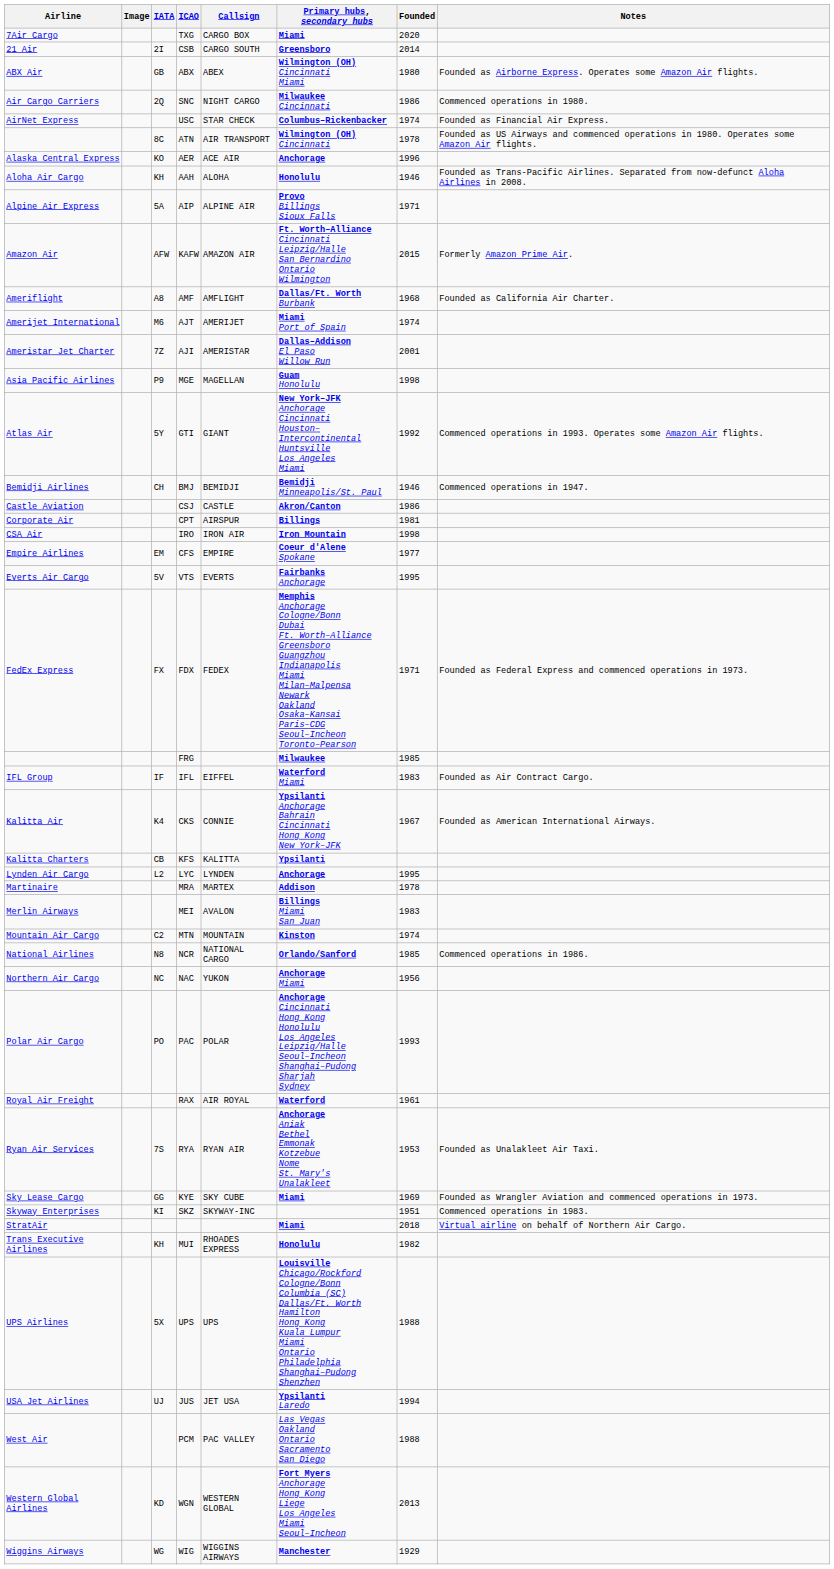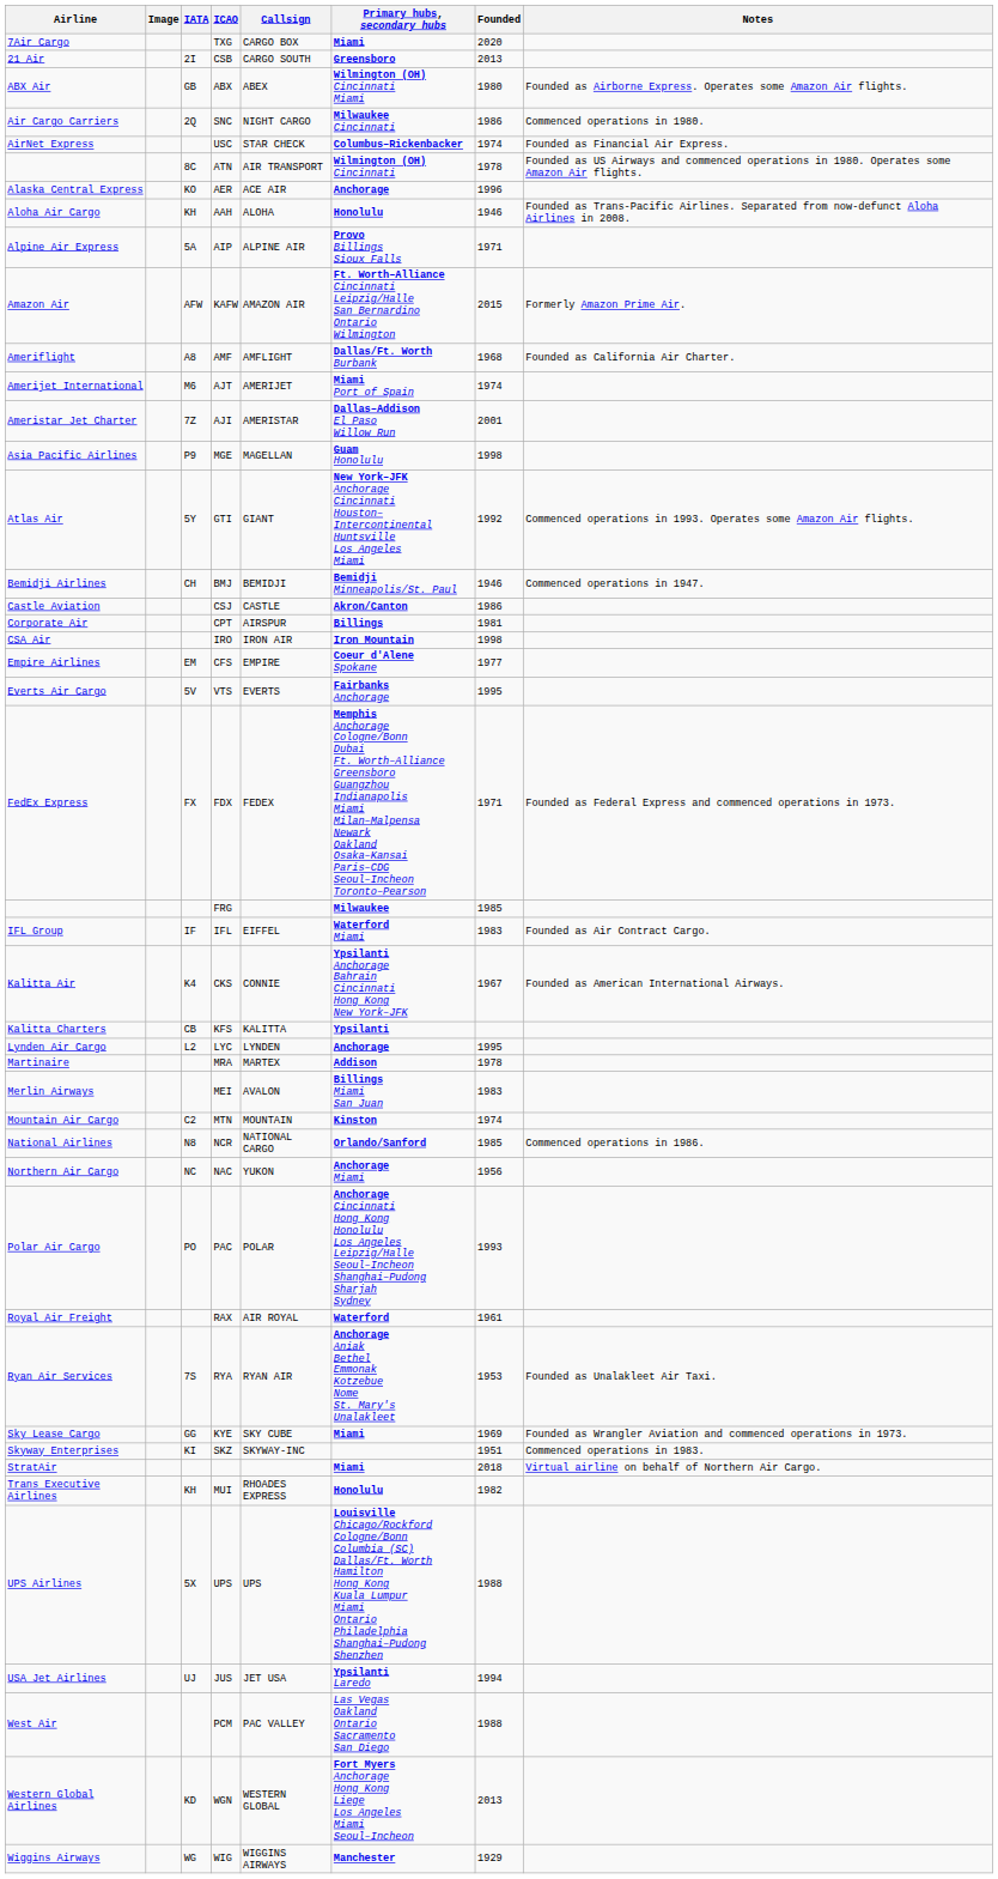 <table class="wikitable sortable" style="border: 0; cellpadding: 2; cellspacing: 3;">
 <tr style="vertical-align:middle;">
 <th>Airline</th>
 <th>Image</th>
 <th><a href='#'>IATA</a></th>
 <th><a href='#'>ICAO</a></th>
 <th><a href='#'>Callsign</a></th>
 <th><a href='#'>Primary hubs</a>, <br> <em><a href='#'>secondary hubs</a></em></th>
 <th>Founded</th>
 <th>Notes</th>
 </tr>
 <tr>
 <td><a href='#'>7Air Cargo</a></td>
 <td></td>
 <td></td>
 <td>TXG</td>
 <td>CARGO BOX</td>
 <td><strong><a href='#'>Miami</a></strong></td>
 <td>2020</td>
 <td></td>
 </tr>
 <tr>
 <td><a href='#'>21 Air</a></td>
 <td></td>
 <td>2I</td>
 <td>CSB</td>
 <td>CARGO SOUTH</td>
 <td><strong><a href='#'>Greensboro</a></strong></td>
-<td>2014</td>
+<td>2013</td>
 <td></td>
 </tr>
 <tr>
 <td><a href='#'>ABX Air</a></td>
 <td></td>
 <td>GB</td>
 <td>ABX</td>
 <td>ABEX</td>
 <td><strong><a href='#'>Wilmington (OH)</a></strong><br><em><a href='#'>Cincinnati</a></em><br><em><a href='#'>Miami</a></em></td>
 <td>1980</td>
 <td>Founded as <a href='#'>Airborne Express</a>. Operates some <a href='#'>Amazon Air</a> flights.</td>
 </tr>
 <tr>
 <td><a href='#'>Air Cargo Carriers</a></td>
 <td></td>
 <td>2Q</td>
 <td>SNC</td>
 <td>NIGHT CARGO</td>
 <td><strong><a href='#'>Milwaukee</a></strong><br><em><a href='#'>Cincinnati</a></em></td>
 <td>1986</td>
 <td>Commenced operations in 1980.</td>
 </tr>
 <tr>
 <td><a href='#'>AirNet Express</a></td>
 <td></td>
 <td></td>
 <td>USC</td>
 <td>STAR CHECK</td>
 <td><strong><a href='#'>Columbus–Rickenbacker</a></strong></td>
 <td>1974</td>
 <td>Founded as Financial Air Express.</td>
 </tr>
 <tr>
 <td></td>
 <td></td>
 <td>8C</td>
 <td>ATN</td>
 <td>AIR TRANSPORT</td>
 <td><strong><a href='#'>Wilmington (OH)</a></strong><br><em><a href='#'>Cincinnati</a></em></td>
 <td>1978</td>
 <td>Founded as US Airways and commenced operations in 1980. Operates some <a href='#'>Amazon Air</a> flights.</td>
 </tr>
 <tr>
 <td><a href='#'>Alaska Central Express</a></td>
 <td></td>
 <td>KO</td>
 <td>AER</td>
 <td>ACE AIR</td>
 <td><strong><a href='#'>Anchorage</a></strong></td>
 <td>1996</td>
 <td></td>
 </tr>
 <tr>
 <td><a href='#'>Aloha Air Cargo</a></td>
 <td></td>
 <td>KH</td>
 <td>AAH</td>
 <td>ALOHA</td>
 <td><strong><a href='#'>Honolulu</a></strong></td>
 <td>1946</td>
 <td>Founded as Trans-Pacific Airlines. Separated from now-defunct <a href='#'>Aloha Airlines</a> in 2008.</td>
 </tr>
 <tr>
 <td><a href='#'>Alpine Air Express</a></td>
 <td></td>
 <td>5A</td>
 <td>AIP</td>
 <td>ALPINE AIR</td>
 <td><strong><a href='#'>Provo</a></strong><br><em><a href='#'>Billings</a></em><br><em><a href='#'>Sioux Falls</a></em></td>
 <td>1971</td>
 <td></td>
 </tr>
 <tr>
 <td><a href='#'>Amazon Air</a></td>
 <td></td>
 <td>AFW</td>
 <td>KAFW</td>
 <td>AMAZON AIR</td>
 <td><strong><a href='#'>Ft. Worth–Alliance</a></strong><br><em><a href='#'>Cincinnati</a></em><br><em><a href='#'>Leipzig/Halle</a></em><br><em><a href='#'>San Bernardino</a></em><br><em><a href='#'>Ontario</a></em><br><em><a href='#'>Wilmington</a></em></td>
 <td>2015</td>
 <td>Formerly <a href='#'>Amazon Prime Air</a>.</td>
 </tr>
 <tr>
 <td><a href='#'>Ameriflight</a></td>
 <td></td>
 <td>A8</td>
 <td>AMF</td>
 <td>AMFLIGHT</td>
 <td><strong><a href='#'>Dallas/Ft. Worth</a></strong><br> <em><a href='#'>Burbank</a> </em></td>
 <td>1968</td>
 <td>Founded as California Air Charter.</td>
 </tr>
 <tr>
 <td><a href='#'>Amerijet International</a></td>
 <td></td>
 <td>M6</td>
 <td>AJT</td>
 <td>AMERIJET</td>
 <td><strong><a href='#'>Miami</a></strong><br><em><a href='#'>Port of Spain</a></em></td>
 <td>1974</td>
 <td></td>
 </tr>
 <tr>
 <td><a href='#'>Ameristar Jet Charter</a></td>
 <td></td>
 <td>7Z</td>
 <td>AJI</td>
 <td>AMERISTAR</td>
 <td><strong><a href='#'>Dallas–Addison</a></strong><br><em><a href='#'>El Paso</a></em><br><em><a href='#'>Willow Run</a></em></td>
 <td>2001</td>
 <td></td>
 </tr>
 <tr>
 <td><a href='#'>Asia Pacific Airlines</a></td>
 <td></td>
 <td>P9</td>
 <td>MGE</td>
 <td>MAGELLAN</td>
 <td><strong><a href='#'>Guam</a></strong><br><em><a href='#'>Honolulu</a></em></td>
 <td>1998</td>
 <td></td>
 </tr>
 <tr>
 <td><a href='#'>Atlas Air</a></td>
 <td></td>
 <td>5Y</td>
 <td>GTI</td>
 <td>GIANT</td>
 <td><strong><a href='#'>New York–JFK</a></strong><br><em><a href='#'>Anchorage</a></em><br><em><a href='#'>Cincinnati</a></em><br><em><a href='#'>Houston–Intercontinental</a></em><br><em><a href='#'>Huntsville</a></em><br><em><a href='#'>Los Angeles</a></em><br><em><a href='#'>Miami</a></em></td>
 <td>1992</td>
 <td>Commenced operations in 1993. Operates some <a href='#'>Amazon Air</a> flights.</td>
 </tr>
 <tr>
 <td><a href='#'>Bemidji Airlines</a></td>
 <td></td>
 <td>CH</td>
 <td>BMJ</td>
 <td>BEMIDJI</td>
 <td><strong><a href='#'>Bemidji</a></strong><br><em><a href='#'>Minneapolis/St. Paul</a></em></td>
 <td>1946</td>
 <td>Commenced operations in 1947.</td>
 </tr>
 <tr>
 <td><a href='#'>Castle Aviation</a></td>
 <td></td>
 <td></td>
 <td>CSJ</td>
 <td>CASTLE</td>
 <td><strong><a href='#'>Akron/Canton</a></strong></td>
 <td>1986</td>
 <td></td>
 </tr>
 <tr>
 <td><a href='#'>Corporate Air</a></td>
 <td></td>
 <td></td>
 <td>CPT</td>
 <td>AIRSPUR</td>
 <td><strong><a href='#'>Billings</a></strong></td>
 <td>1981</td>
 <td></td>
 </tr>
 <tr>
 <td><a href='#'>CSA Air</a></td>
 <td></td>
 <td></td>
 <td>IRO</td>
 <td>IRON AIR</td>
 <td><strong><a href='#'>Iron Mountain</a></strong></td>
 <td>1998</td>
 <td></td>
 </tr>
 <tr>
 <td><a href='#'>Empire Airlines</a></td>
 <td></td>
 <td>EM</td>
 <td>CFS</td>
 <td>EMPIRE</td>
 <td><strong><a href='#'>Coeur d'Alene</a></strong><br><em><a href='#'>Spokane</a></em></td>
 <td>1977</td>
 <td></td>
 </tr>
 <tr>
 <td><a href='#'>Everts Air Cargo</a></td>
 <td></td>
 <td>5V</td>
 <td>VTS</td>
 <td>EVERTS</td>
 <td><strong><a href='#'>Fairbanks</a></strong><br><em><a href='#'>Anchorage</a></em></td>
 <td>1995</td>
 <td></td>
 </tr>
 <tr>
 <td><a href='#'>FedEx Express</a></td>
 <td></td>
 <td>FX</td>
 <td>FDX</td>
 <td>FEDEX</td>
 <td><strong><a href='#'>Memphis</a></strong><br><em><a href='#'>Anchorage</a></em><br><em><a href='#'>Cologne/Bonn</a></em><br><em><a href='#'>Dubai</a></em><br><em><a href='#'>Ft. Worth–Alliance</a></em><br><em><a href='#'>Greensboro</a></em><br><em><a href='#'>Guangzhou</a></em><br><em><a href='#'>Indianapolis</a></em><br><em><a href='#'>Miami</a></em><br><em><a href='#'>Milan–Malpensa</a></em><br><em><a href='#'>Newark</a></em><br><em><a href='#'>Oakland</a></em><br><em><a href='#'>Osaka–Kansai</a></em><br><em><a href='#'>Paris–CDG</a></em><br><em><a href='#'>Seoul–Incheon</a></em><br><em><a href='#'>Toronto–Pearson</a></em></td>
 <td>1971</td>
 <td>Founded as Federal Express and commenced operations in 1973.</td>
 </tr>
 <tr>
 <td></td>
 <td></td>
 <td></td>
 <td>FRG</td>
 <td></td>
 <td><strong><a href='#'>Milwaukee</a></strong></td>
 <td>1985</td>
 <td></td>
 </tr>
 <tr>
 <td><a href='#'>IFL Group</a></td>
 <td></td>
 <td>IF</td>
 <td>IFL</td>
 <td>EIFFEL</td>
 <td><strong><a href='#'>Waterford</a></strong><br><em><a href='#'>Miami</a></em></td>
 <td>1983</td>
 <td>Founded as Air Contract Cargo.</td>
 </tr>
 <tr>
 <td><a href='#'>Kalitta Air</a></td>
 <td></td>
 <td>K4</td>
 <td>CKS</td>
 <td>CONNIE</td>
 <td><strong><a href='#'>Ypsilanti</a></strong><br><em><a href='#'>Anchorage</a></em><br><em><a href='#'>Bahrain</a></em><br><em><a href='#'>Cincinnati</a></em><br><em><a href='#'>Hong Kong</a></em><br><em><a href='#'>New York–JFK</a></em></td>
 <td>1967</td>
 <td>Founded as American International Airways.</td>
 </tr>
 <tr>
 <td><a href='#'>Kalitta Charters</a></td>
 <td></td>
 <td>CB</td>
 <td>KFS</td>
 <td>KALITTA</td>
 <td><strong><a href='#'>Ypsilanti</a></strong></td>
 <td></td>
 <td></td>
 </tr>
 <tr>
 <td><a href='#'>Lynden Air Cargo</a></td>
 <td></td>
 <td>L2</td>
 <td>LYC</td>
 <td>LYNDEN</td>
 <td><strong><a href='#'>Anchorage</a></strong></td>
 <td>1995</td>
 <td></td>
 </tr>
 <tr>
 <td><a href='#'>Martinaire</a></td>
 <td></td>
 <td></td>
 <td>MRA</td>
 <td>MARTEX</td>
 <td><strong><a href='#'>Addison</a></strong></td>
 <td>1978</td>
 <td></td>
 </tr>
 <tr>
 <td><a href='#'>Merlin Airways</a></td>
 <td></td>
 <td></td>
 <td>MEI</td>
 <td>AVALON</td>
 <td><strong><a href='#'>Billings</a></strong><br><em><a href='#'>Miami</a></em><br><em><a href='#'>San Juan</a></em></td>
 <td>1983</td>
 <td></td>
 </tr>
 <tr>
 <td><a href='#'>Mountain Air Cargo</a></td>
 <td></td>
 <td>C2</td>
 <td>MTN</td>
 <td>MOUNTAIN</td>
 <td><strong><a href='#'>Kinston</a></strong></td>
 <td>1974</td>
 <td></td>
 </tr>
 <tr>
 <td><a href='#'>National Airlines</a></td>
 <td></td>
 <td>N8</td>
 <td>NCR</td>
 <td>NATIONAL CARGO</td>
 <td><strong><a href='#'>Orlando/Sanford</a></strong></td>
 <td>1985</td>
 <td>Commenced operations in 1986.</td>
 </tr>
 <tr>
 <td><a href='#'>Northern Air Cargo</a></td>
 <td></td>
 <td>NC</td>
 <td>NAC</td>
 <td>YUKON</td>
 <td><strong><a href='#'>Anchorage</a></strong><br><em><a href='#'>Miami</a></em></td>
 <td>1956</td>
 <td></td>
 </tr>
 <tr>
 <td><a href='#'>Polar Air Cargo</a></td>
 <td></td>
 <td>PO</td>
 <td>PAC</td>
 <td>POLAR</td>
 <td><strong><a href='#'>Anchorage</a></strong><br><em><a href='#'>Cincinnati</a></em><br><em><a href='#'>Hong Kong</a></em><br><em><a href='#'>Honolulu</a></em><br><em><a href='#'>Los Angeles</a></em><br><em><a href='#'>Leipzig/Halle</a></em><br><em><a href='#'>Seoul–Incheon</a></em><br><em><a href='#'>Shanghai–Pudong</a></em><br><em><a href='#'>Sharjah</a></em><br><em><a href='#'>Sydney</a></em></td>
 <td>1993</td>
 <td></td>
 </tr>
 <tr>
 <td><a href='#'>Royal Air Freight</a></td>
 <td></td>
 <td></td>
 <td>RAX</td>
 <td>AIR ROYAL</td>
 <td><strong><a href='#'>Waterford</a></strong></td>
 <td>1961</td>
 <td></td>
 </tr>
 <tr>
 <td><a href='#'>Ryan Air Services</a></td>
 <td></td>
 <td>7S</td>
 <td>RYA</td>
 <td>RYAN AIR</td>
 <td><strong><a href='#'>Anchorage</a></strong><br><em><a href='#'>Aniak</a></em><br><em><a href='#'>Bethel</a></em><br><em><a href='#'>Emmonak</a></em><br><em><a href='#'>Kotzebue</a></em><br><em><a href='#'>Nome</a></em><br><em><a href='#'>St. Mary's</a></em><br><em><a href='#'>Unalakleet</a></em></td>
 <td>1953</td>
 <td>Founded as Unalakleet Air Taxi.</td>
 </tr>
 <tr>
 <td><a href='#'>Sky Lease Cargo</a></td>
 <td></td>
 <td>GG</td>
 <td>KYE</td>
 <td>SKY CUBE</td>
 <td><strong><a href='#'>Miami</a></strong></td>
 <td>1969</td>
 <td>Founded as Wrangler Aviation and commenced operations in 1973.</td>
 </tr>
 <tr>
 <td><a href='#'>Skyway Enterprises</a></td>
 <td></td>
 <td>KI</td>
 <td>SKZ</td>
 <td>SKYWAY-INC</td>
 <td></td>
 <td>1951</td>
 <td>Commenced operations in 1983.</td>
 </tr>
 <tr>
 <td><a href='#'>StratAir</a></td>
 <td></td>
 <td></td>
 <td></td>
 <td></td>
 <td><strong><a href='#'>Miami</a></strong></td>
 <td>2018</td>
 <td><a href='#'>Virtual airline</a> on behalf of Northern Air Cargo.</td>
 </tr>
 <tr>
 <td><a href='#'>Trans Executive Airlines</a></td>
 <td></td>
 <td>KH</td>
 <td>MUI</td>
 <td>RHOADES EXPRESS</td>
 <td><strong><a href='#'>Honolulu</a></strong></td>
 <td>1982</td>
 <td></td>
 </tr>
 <tr>
 <td><a href='#'>UPS Airlines</a></td>
 <td></td>
 <td>5X</td>
 <td>UPS</td>
 <td>UPS</td>
 <td><strong><a href='#'>Louisville</a></strong><br><em><a href='#'>Chicago/Rockford</a></em><br><em><a href='#'>Cologne/Bonn</a></em><br><em><a href='#'>Columbia (SC)</a></em><br><em><a href='#'>Dallas/Ft. Worth</a></em><br><em><a href='#'>Hamilton</a></em><br><em><a href='#'>Hong Kong</a></em><br><em><a href='#'>Kuala Lumpur</a></em><br><em><a href='#'>Miami</a></em><br><em><a href='#'>Ontario</a></em><br><em><a href='#'>Philadelphia</a></em><br><em><a href='#'>Shanghai–Pudong</a></em><br><em><a href='#'>Shenzhen</a></em></td>
 <td>1988</td>
 <td></td>
 </tr>
 <tr>
 <td><a href='#'>USA Jet Airlines</a></td>
 <td></td>
 <td>UJ</td>
 <td>JUS</td>
 <td>JET USA</td>
 <td><strong><a href='#'>Ypsilanti</a></strong><br><em><a href='#'>Laredo</a></em></td>
 <td>1994</td>
 <td></td>
 </tr>
 <tr>
 <td><a href='#'>West Air</a></td>
 <td></td>
 <td></td>
 <td>PCM</td>
 <td>PAC VALLEY</td>
 <td><em><a href='#'>Las Vegas</a></em><br><em><a href='#'>Oakland</a></em><br><em><a href='#'>Ontario</a></em><br><em><a href='#'>Sacramento</a></em><br><em><a href='#'>San Diego</a></em></td>
 <td>1988</td>
 <td></td>
 </tr>
 <tr>
 <td><a href='#'>Western Global Airlines</a></td>
 <td></td>
 <td>KD</td>
 <td>WGN</td>
 <td>WESTERN GLOBAL</td>
 <td><strong><a href='#'>Fort Myers</a></strong><br><em><a href='#'>Anchorage</a></em><br><em><a href='#'>Hong Kong</a></em><br><em><a href='#'>Liege</a></em><br><em><a href='#'>Los Angeles</a></em><br><em><a href='#'>Miami</a></em><br><em><a href='#'>Seoul–Incheon</a></em></td>
 <td>2013</td>
 <td></td>
 </tr>
 <tr>
 <td><a href='#'>Wiggins Airways</a></td>
 <td></td>
 <td>WG</td>
 <td>WIG</td>
 <td>WIGGINS AIRWAYS</td>
 <td><strong><a href='#'>Manchester</a></strong></td>
 <td>1929</td>
 <td></td>
 </tr>
 </table>
